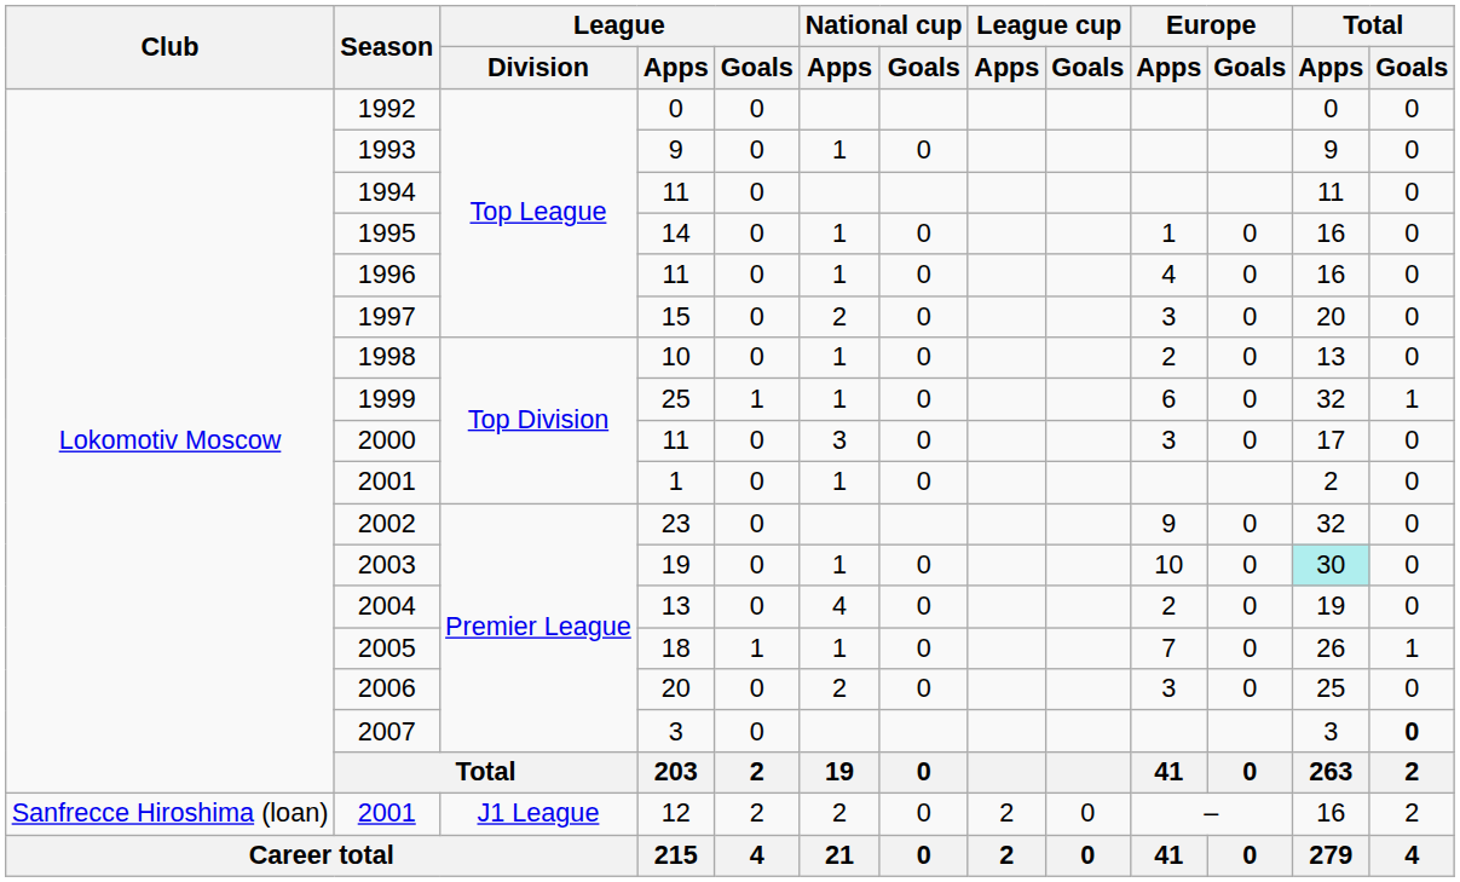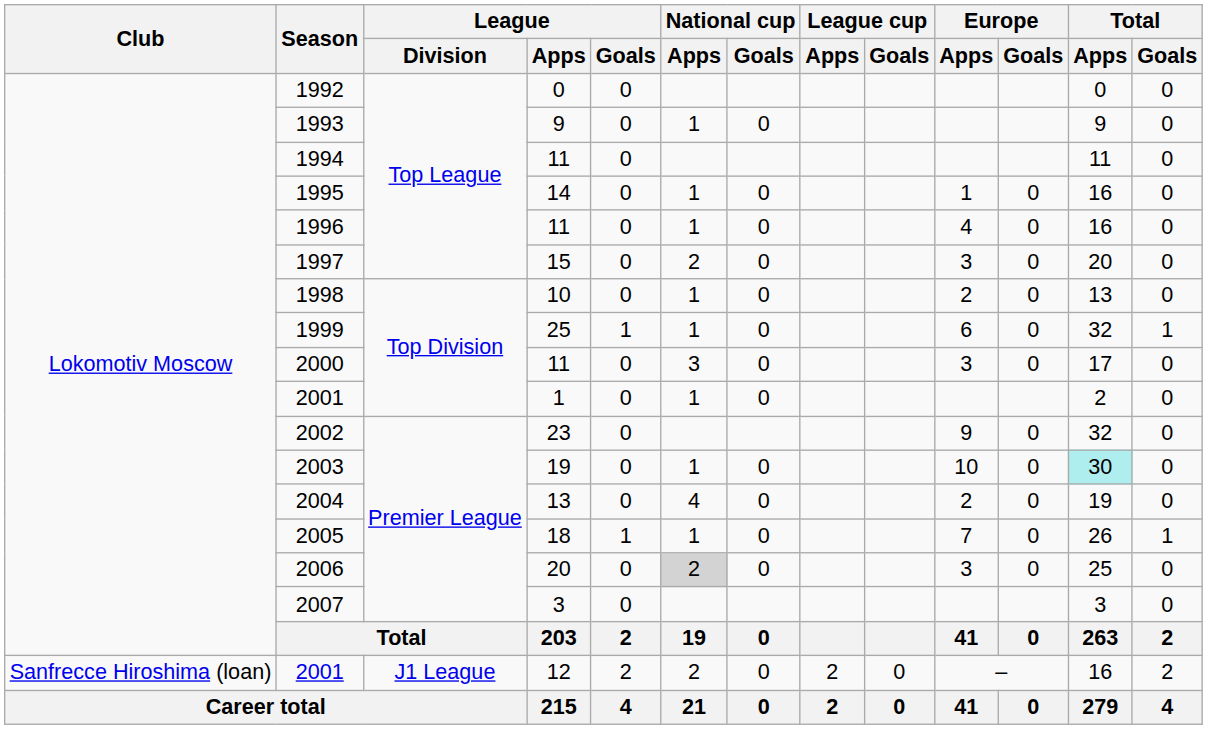 <table class="wikitable" style="text-align:center">
 <tr>
 <th rowspan="2">Club</th>
 <th rowspan="2">Season</th>
 <th colspan="3">League</th>
 <th colspan="2">National cup</th>
 <th colspan="2">League cup</th>
 <th colspan="2">Europe</th>
 <th colspan="2">Total</th>
 </tr>
 <tr>
 <th>Division</th>
 <th>Apps</th>
 <th>Goals</th>
 <th>Apps</th>
 <th>Goals</th>
 <th>Apps</th>
 <th>Goals</th>
 <th>Apps</th>
 <th>Goals</th>
 <th>Apps</th>
 <th>Goals</th>
 </tr>
 <tr>
 <td rowspan="17"><a href='#'>Lokomotiv Moscow</a></td>
 <td>1992</td>
 <td rowspan="6"><a href='#'>Top League</a></td>
 <td>0</td>
 <td>0</td>
 <td></td>
 <td></td>
 <td></td>
 <td></td>
 <td></td>
 <td></td>
 <td>0</td>
 <td>0</td>
 </tr>
 <tr>
 <td>1993</td>
 <td>9</td>
 <td>0</td>
 <td>1</td>
 <td>0</td>
 <td></td>
 <td></td>
 <td></td>
 <td></td>
 <td>9</td>
 <td>0</td>
 </tr>
 <tr>
 <td>1994</td>
 <td>11</td>
 <td>0</td>
 <td></td>
 <td></td>
 <td></td>
 <td></td>
 <td></td>
 <td></td>
 <td>11</td>
 <td>0</td>
 </tr>
 <tr>
 <td>1995</td>
 <td>14</td>
 <td>0</td>
 <td>1</td>
 <td>0</td>
 <td></td>
 <td></td>
 <td>1</td>
 <td>0</td>
 <td>16</td>
 <td>0</td>
 </tr>
 <tr>
 <td>1996</td>
 <td>11</td>
 <td>0</td>
 <td>1</td>
 <td>0</td>
 <td></td>
 <td></td>
 <td>4</td>
 <td>0</td>
 <td>16</td>
 <td>0</td>
 </tr>
 <tr>
 <td>1997</td>
 <td>15</td>
 <td>0</td>
 <td>2</td>
 <td>0</td>
 <td></td>
 <td></td>
 <td>3</td>
 <td>0</td>
 <td>20</td>
 <td>0</td>
 </tr>
 <tr>
 <td>1998</td>
 <td rowspan="4"><a href='#'>Top Division</a></td>
 <td>10</td>
 <td>0</td>
 <td>1</td>
 <td>0</td>
 <td></td>
 <td></td>
 <td>2</td>
 <td>0</td>
 <td>13</td>
 <td>0</td>
 </tr>
 <tr>
 <td>1999</td>
 <td>25</td>
 <td>1</td>
 <td>1</td>
 <td>0</td>
 <td></td>
 <td></td>
 <td>6</td>
 <td>0</td>
 <td>32</td>
 <td>1</td>
 </tr>
 <tr>
 <td>2000</td>
 <td>11</td>
 <td>0</td>
 <td>3</td>
 <td>0</td>
 <td></td>
 <td></td>
 <td>3</td>
 <td>0</td>
 <td>17</td>
 <td>0</td>
 </tr>
 <tr>
 <td>2001</td>
 <td>1</td>
 <td>0</td>
 <td>1</td>
 <td>0</td>
 <td></td>
 <td></td>
 <td></td>
 <td></td>
 <td>2</td>
 <td>0</td>
 </tr>
 <tr>
 <td>2002</td>
 <td rowspan="6"><a href='#'>Premier League</a></td>
 <td>23</td>
 <td>0</td>
 <td></td>
 <td></td>
 <td></td>
 <td></td>
 <td>9</td>
 <td>0</td>
 <td>32</td>
 <td>0</td>
 </tr>
 <tr>
 <td>2003</td>
 <td>19</td>
 <td>0</td>
 <td>1</td>
 <td>0</td>
 <td></td>
 <td></td>
 <td>10</td>
 <td>0</td>
 <td style="background: paleturquoise;">30</td>
 <td>0</td>
 </tr>
 <tr>
 <td>2004</td>
 <td>13</td>
 <td>0</td>
 <td>4</td>
 <td>0</td>
 <td></td>
 <td></td>
 <td>2</td>
 <td>0</td>
 <td>19</td>
 <td>0</td>
 </tr>
 <tr>
 <td>2005</td>
 <td>18</td>
 <td>1</td>
 <td>1</td>
 <td>0</td>
 <td></td>
 <td></td>
 <td>7</td>
 <td>0</td>
 <td>26</td>
 <td>1</td>
 </tr>
 <tr>
 <td>2006</td>
 <td>20</td>
 <td>0</td>
-<td>2</td>
+<td style="background: lightgrey;">2</td>
 <td>0</td>
 <td></td>
 <td></td>
 <td>3</td>
 <td>0</td>
 <td>25</td>
 <td>0</td>
 </tr>
 <tr>
 <td>2007</td>
 <td>3</td>
 <td>0</td>
 <td></td>
 <td></td>
 <td></td>
 <td></td>
 <td></td>
 <td></td>
 <td>3</td>
-<td><strong>0</strong></td>
+<td>0</td>
 </tr>
 <tr>
 <th colspan="2">Total</th>
 <th>203</th>
 <th>2</th>
 <th>19</th>
 <th>0</th>
 <th></th>
 <th></th>
 <th>41</th>
 <th>0</th>
 <th>263</th>
 <th>2</th>
 </tr>
 <tr>
 <td><a href='#'>Sanfrecce Hiroshima</a> (loan)</td>
 <td><a href='#'>2001</a></td>
 <td><a href='#'>J1 League</a></td>
 <td>12</td>
 <td>2</td>
 <td>2</td>
 <td>0</td>
 <td>2</td>
 <td>0</td>
 <td colspan="2">–</td>
 <td>16</td>
 <td>2</td>
 </tr>
 <tr>
 <th colspan="3">Career total</th>
 <th>215</th>
 <th>4</th>
 <th>21</th>
 <th>0</th>
 <th>2</th>
 <th>0</th>
 <th>41</th>
 <th>0</th>
 <th>279</th>
 <th>4</th>
 </tr>
 </table>
